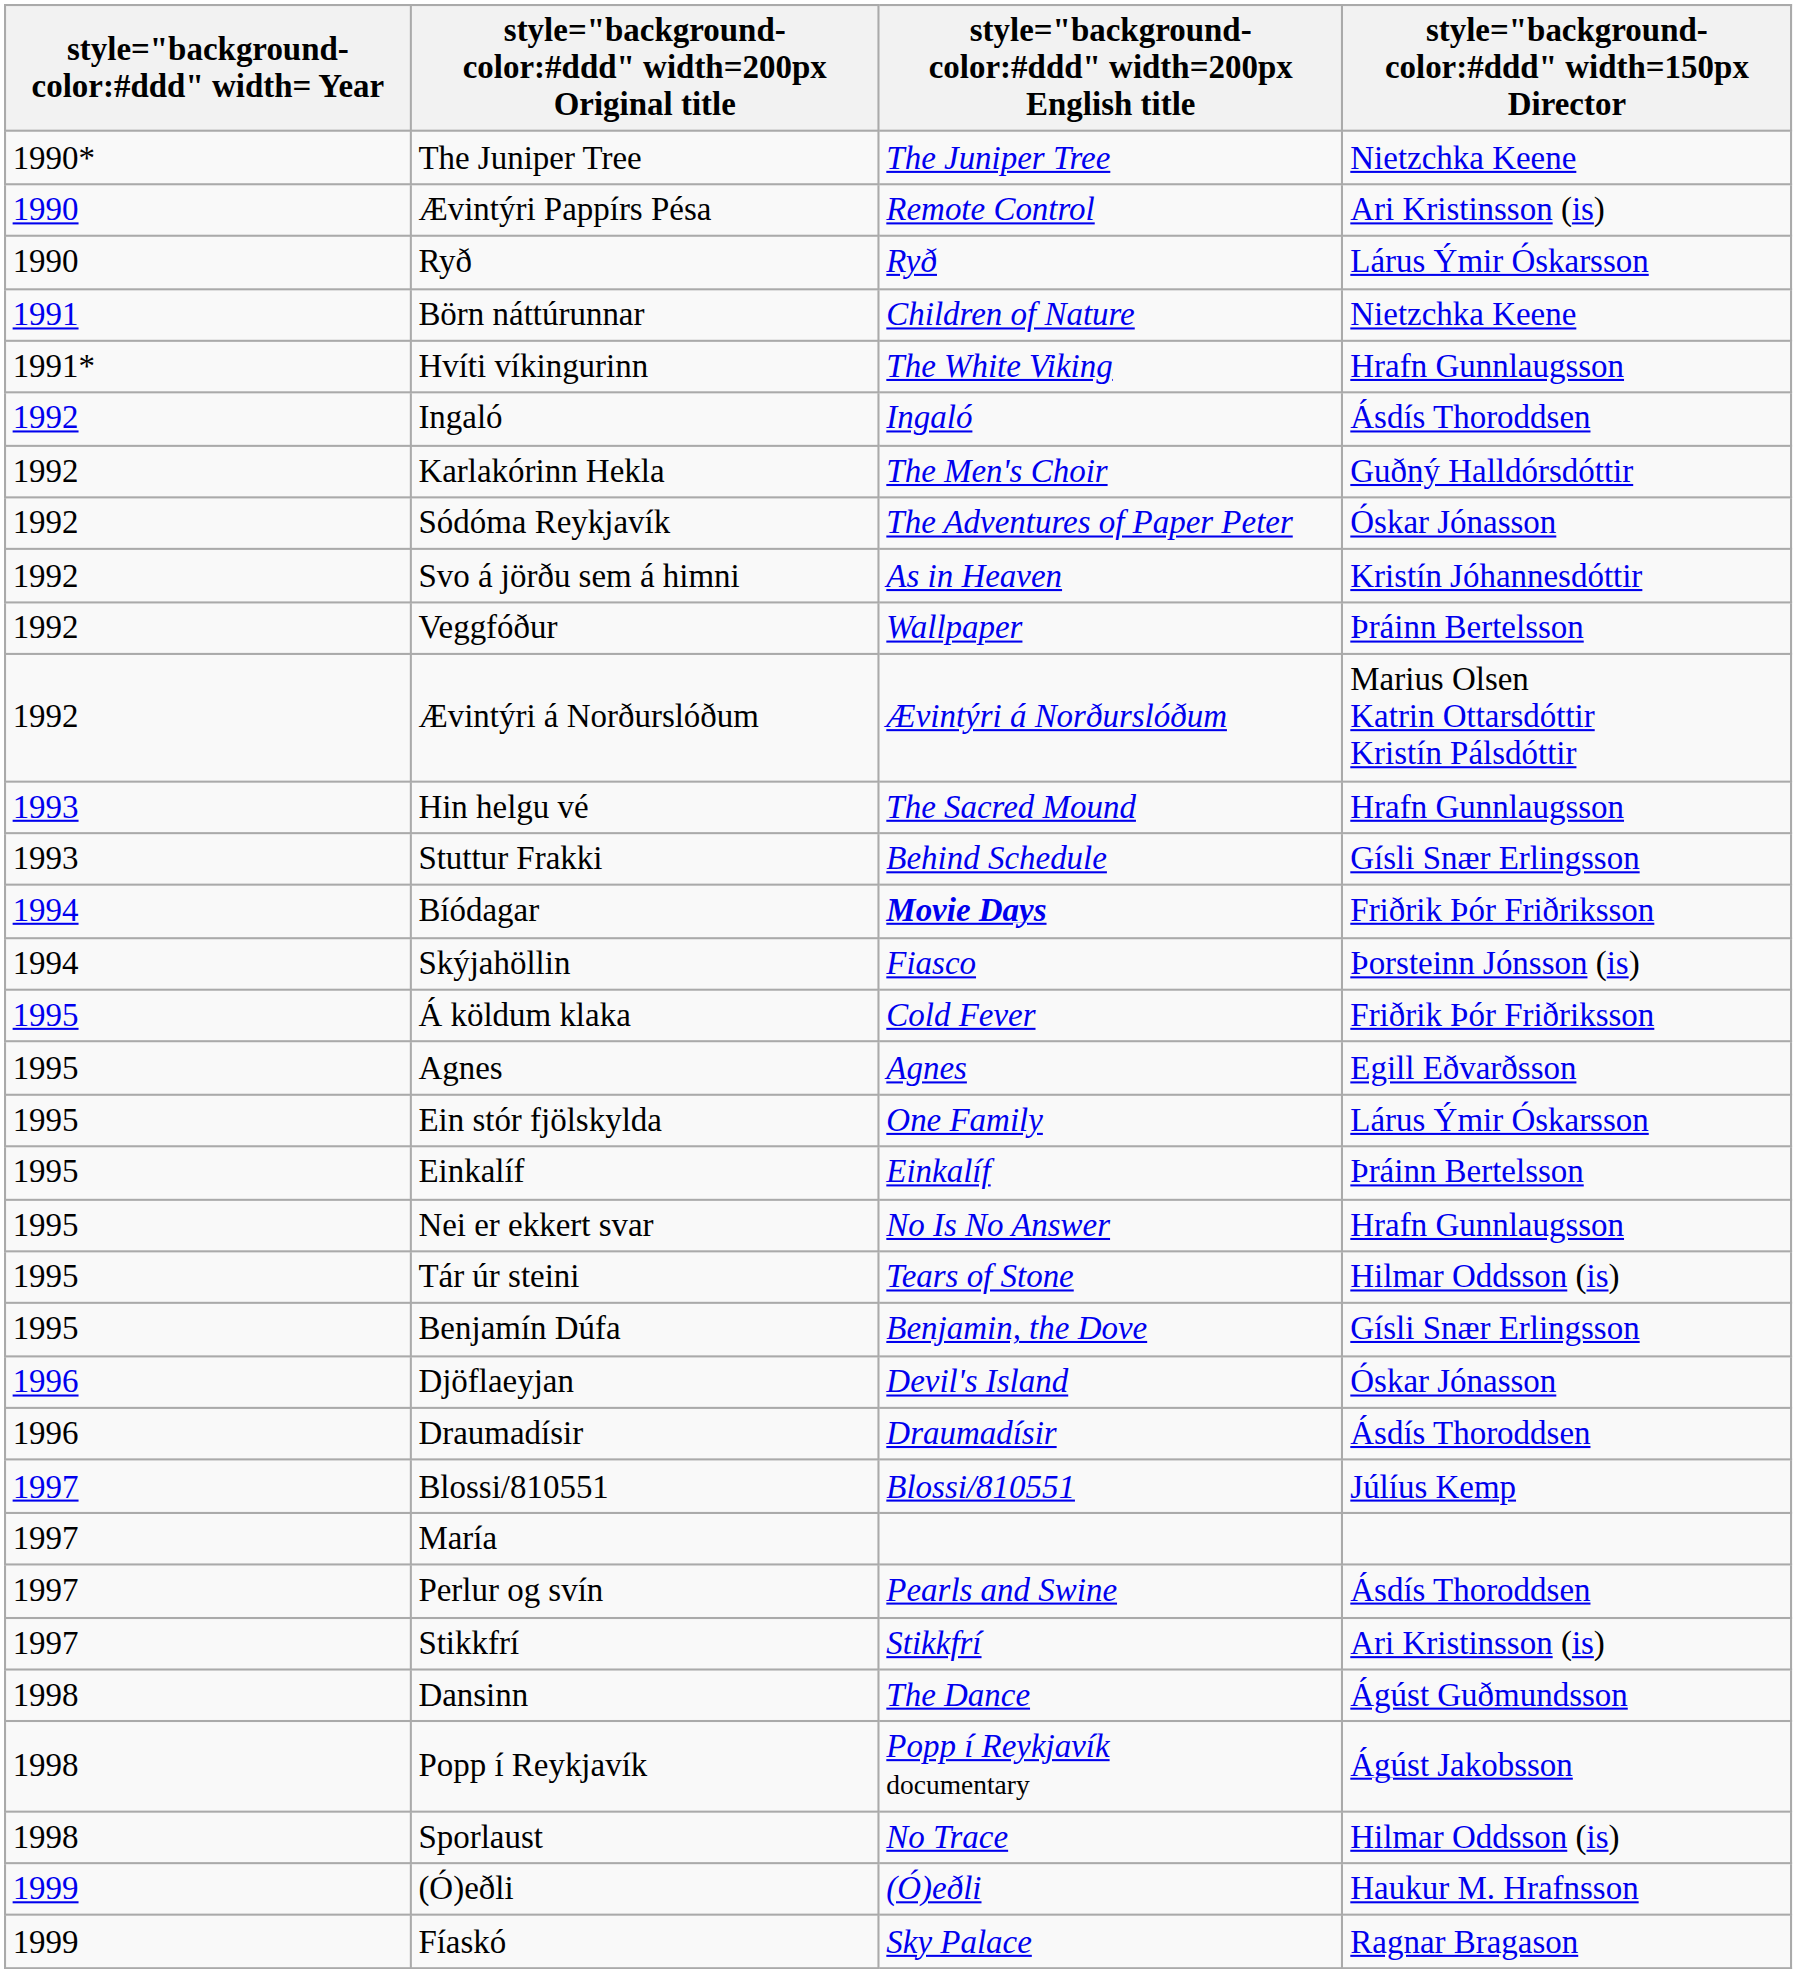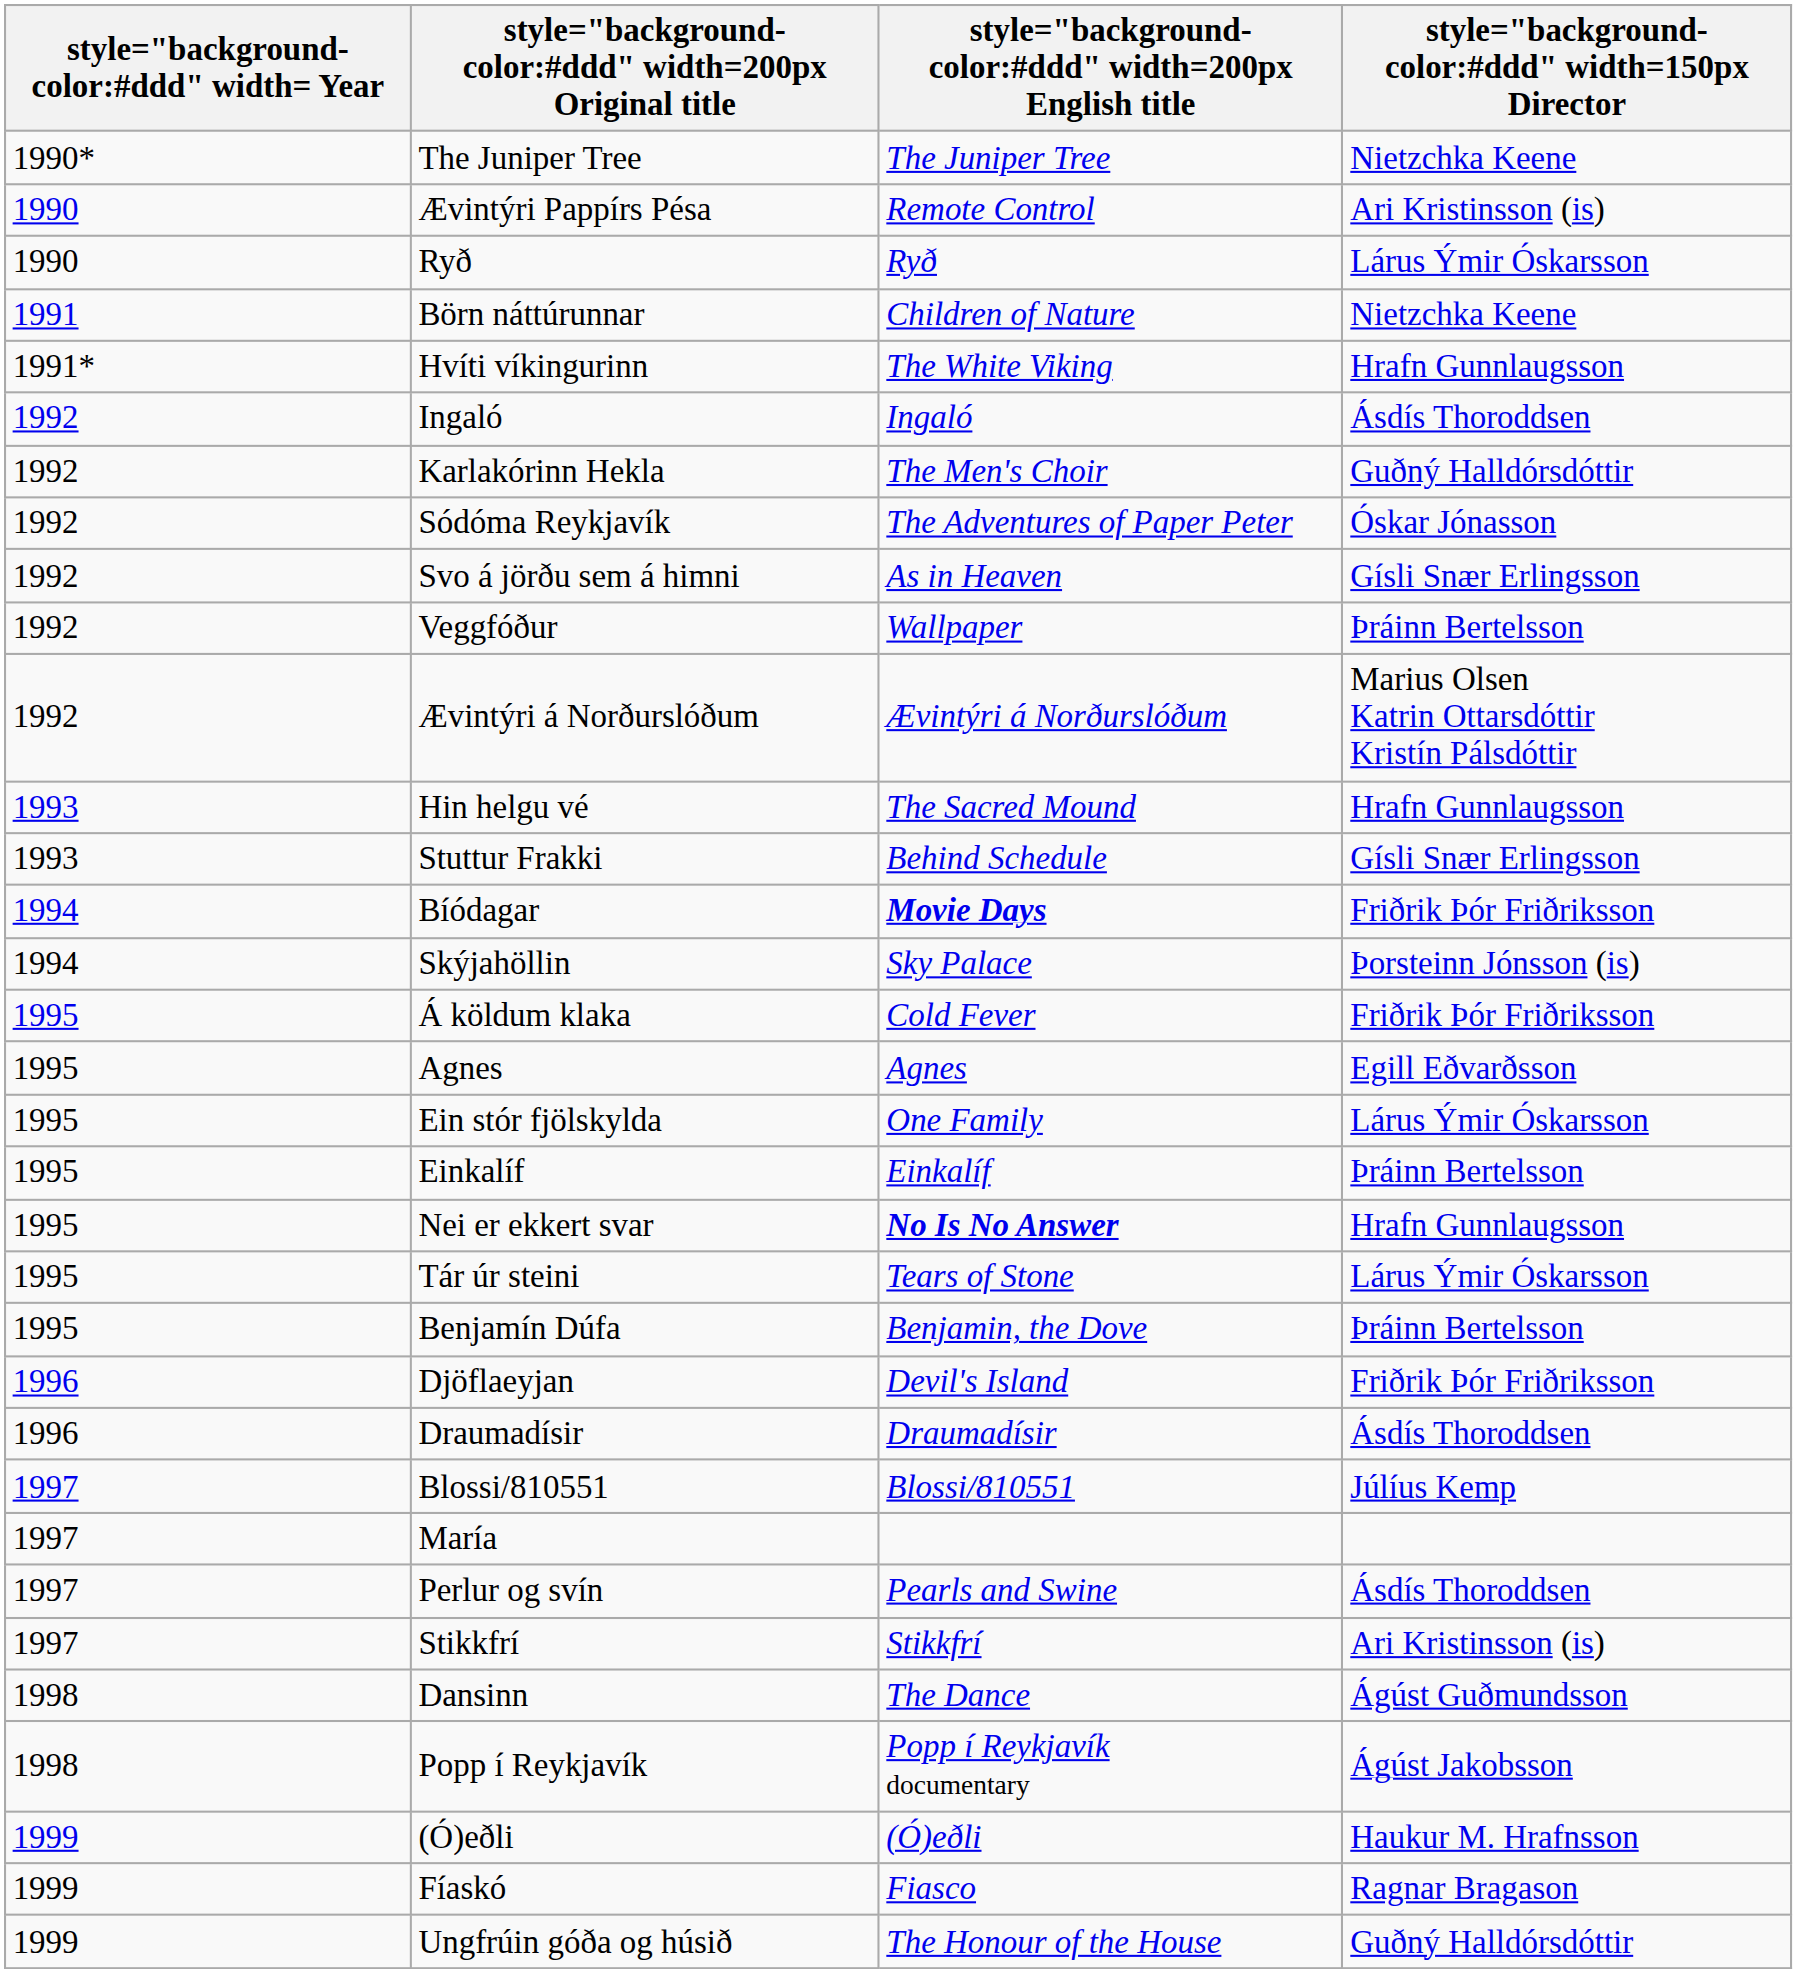 <table class="wikitable sortable">
 <tr>
 <th>style="background-color:#ddd" width=  Year</th>
 <th>style="background-color:#ddd" width=200px  Original title</th>
 <th>style="background-color:#ddd" width=200px  English title</th>
 <th>style="background-color:#ddd" width=150px  Director</th>
 </tr>
 <tr>
 <td>1990*</td>
 <td>The Juniper Tree</td>
 <td><em><a href='#'>The Juniper Tree</a></em></td>
 <td><a href='#'>Nietzchka Keene</a></td>
 </tr>
 <tr>
 <td><a href='#'>1990</a></td>
 <td>Ævintýri Pappírs Pésa</td>
 <td><em><a href='#'>Remote Control</a></em></td>
 <td><a href='#'>Ari Kristinsson</a> (<a href='#'>is</a>)</td>
 </tr>
 <tr>
 <td>1990</td>
 <td>Ryð</td>
 <td><em><a href='#'>Ryð</a></em></td>
 <td><a href='#'>Lárus Ýmir Óskarsson</a></td>
 </tr>
 <tr>
 <td><a href='#'>1991</a></td>
 <td>Börn náttúrunnar</td>
 <td><em><a href='#'>Children of Nature</a></em></td>
 <td><a href='#'>Nietzchka Keene</a></td>
 </tr>
 <tr>
 <td>1991*</td>
 <td>Hvíti víkingurinn</td>
 <td><em><a href='#'>The White Viking</a></em></td>
 <td><a href='#'>Hrafn Gunnlaugsson</a></td>
 </tr>
 <tr>
 <td><a href='#'>1992</a></td>
 <td>Ingaló</td>
 <td><em><a href='#'>Ingaló</a></em></td>
 <td><a href='#'>Ásdís Thoroddsen</a></td>
 </tr>
 <tr>
 <td>1992</td>
 <td>Karlakórinn Hekla</td>
 <td><em><a href='#'>The Men's Choir</a></em></td>
 <td><a href='#'>Guðný Halldórsdóttir</a></td>
 </tr>
 <tr>
 <td>1992</td>
 <td>Sódóma Reykjavík</td>
 <td><em><a href='#'>The Adventures of Paper Peter</a></em></td>
 <td><a href='#'>Óskar Jónasson</a></td>
 </tr>
 <tr>
 <td>1992</td>
 <td>Svo á jörðu sem á himni</td>
 <td><em><a href='#'>As in Heaven</a></em></td>
-<td><a href='#'>Kristín Jóhannesdóttir</a></td>
+<td><a href='#'>Gísli Snær Erlingsson</a></td>
 </tr>
 <tr>
 <td>1992</td>
 <td>Veggfóður</td>
 <td><em><a href='#'>Wallpaper</a></em></td>
 <td><a href='#'>Þráinn Bertelsson</a></td>
 </tr>
 <tr>
 <td>1992</td>
 <td>Ævintýri á Norðurslóðum</td>
 <td><em><a href='#'>Ævintýri á Norðurslóðum</a></em></td>
 <td>Marius Olsen <br><a href='#'>Katrin Ottarsdóttir</a> <br><a href='#'>Kristín Pálsdóttir</a></td>
 </tr>
 <tr>
 <td><a href='#'>1993</a></td>
 <td>Hin helgu vé</td>
 <td><em><a href='#'>The Sacred Mound</a></em></td>
 <td><a href='#'>Hrafn Gunnlaugsson</a></td>
 </tr>
 <tr>
 <td>1993</td>
 <td>Stuttur Frakki</td>
 <td><em><a href='#'>Behind Schedule</a></em></td>
 <td><a href='#'>Gísli Snær Erlingsson</a></td>
 </tr>
 <tr>
 <td><a href='#'>1994</a></td>
 <td>Bíódagar</td>
 <td><strong><em><a href='#'>Movie Days</a></em></strong></td>
 <td><a href='#'>Friðrik Þór Friðriksson</a></td>
 </tr>
 <tr>
 <td>1994</td>
 <td>Skýjahöllin</td>
-<td><em><a href='#'>Fiasco</a></em></td>
+<td><em><a href='#'>Sky Palace</a></em></td>
 <td><a href='#'>Þorsteinn Jónsson</a> (<a href='#'>is</a>)</td>
 </tr>
 <tr>
 <td><a href='#'>1995</a></td>
 <td>Á köldum klaka</td>
 <td><em><a href='#'>Cold Fever</a></em></td>
 <td><a href='#'>Friðrik Þór Friðriksson</a></td>
 </tr>
 <tr>
 <td>1995</td>
 <td>Agnes</td>
 <td><em><a href='#'>Agnes</a></em></td>
 <td><a href='#'>Egill Eðvarðsson</a></td>
 </tr>
 <tr>
 <td>1995</td>
 <td>Ein stór fjölskylda</td>
 <td><em><a href='#'>One Family</a></em></td>
 <td><a href='#'>Lárus Ýmir Óskarsson</a></td>
 </tr>
 <tr>
 <td>1995</td>
 <td>Einkalíf</td>
 <td><em><a href='#'>Einkalíf</a></em></td>
 <td><a href='#'>Þráinn Bertelsson</a></td>
 </tr>
 <tr>
 <td>1995</td>
 <td>Nei er ekkert svar</td>
-<td><em><a href='#'>No Is No Answer</a></em></td>
+<td><strong><em><a href='#'>No Is No Answer</a></em></strong></td>
 <td><a href='#'>Hrafn Gunnlaugsson</a></td>
 </tr>
 <tr>
 <td>1995</td>
 <td>Tár úr steini</td>
 <td><em><a href='#'>Tears of Stone</a></em></td>
-<td><a href='#'>Hilmar Oddsson</a> (<a href='#'>is</a>)</td>
+<td><a href='#'>Lárus Ýmir Óskarsson</a></td>
 </tr>
 <tr>
 <td>1995</td>
 <td>Benjamín Dúfa</td>
 <td><em><a href='#'>Benjamin, the Dove</a></em></td>
-<td><a href='#'>Gísli Snær Erlingsson</a></td>
+<td><a href='#'>Þráinn Bertelsson</a></td>
 </tr>
 <tr>
 <td><a href='#'>1996</a></td>
 <td>Djöflaeyjan</td>
 <td><em><a href='#'>Devil's Island</a></em></td>
-<td><a href='#'>Óskar Jónasson</a></td>
+<td><a href='#'>Friðrik Þór Friðriksson</a></td>
 </tr>
 <tr>
 <td>1996</td>
 <td>Draumadísir</td>
 <td><em><a href='#'>Draumadísir</a></em></td>
 <td><a href='#'>Ásdís Thoroddsen</a></td>
 </tr>
 <tr>
 <td><a href='#'>1997</a></td>
 <td>Blossi/810551</td>
 <td><em><a href='#'>Blossi/810551</a></em></td>
 <td><a href='#'>Júlíus Kemp</a></td>
 </tr>
 <tr>
 <td>1997</td>
 <td>María</td>
 <td><em></em></td>
 <td></td>
 </tr>
 <tr>
 <td>1997</td>
 <td>Perlur og svín</td>
 <td><em><a href='#'>Pearls and Swine</a></em></td>
 <td><a href='#'>Ásdís Thoroddsen</a></td>
 </tr>
 <tr>
 <td>1997</td>
 <td>Stikkfrí</td>
 <td><em><a href='#'>Stikkfrí</a></em></td>
 <td><a href='#'>Ari Kristinsson</a> (<a href='#'>is</a>)</td>
 </tr>
 <tr>
 <td>1998</td>
 <td>Dansinn</td>
 <td><em><a href='#'>The Dance</a></em></td>
 <td><a href='#'>Ágúst Guðmundsson</a></td>
 </tr>
 <tr>
 <td>1998</td>
 <td>Popp í Reykjavík</td>
 <td><em><a href='#'>Popp í Reykjavík</a></em><br><small>documentary</small></td>
 <td><a href='#'>Ágúst Jakobsson</a></td>
 </tr>
 <tr>
-<td>1998</td>
-<td>Sporlaust</td>
-<td><em><a href='#'>No Trace</a></em></td>
-<td><a href='#'>Hilmar Oddsson</a> (<a href='#'>is</a>)</td>
-</tr>
-<tr>
 <td><a href='#'>1999</a></td>
 <td>(Ó)eðli</td>
 <td><em><a href='#'>(Ó)eðli</a></em></td>
 <td><a href='#'>Haukur M. Hrafnsson</a></td>
 </tr>
 <tr>
 <td>1999</td>
 <td>Fíaskó</td>
-<td><em><a href='#'>Sky Palace</a></em></td>
+<td><em><a href='#'>Fiasco</a></em></td>
 <td><a href='#'>Ragnar Bragason</a></td>
 </tr>
+<tr>
+<td>1999</td>
+<td>Ungfrúin góða og húsið</td>
+<td><em><a href='#'>The Honour of the House</a></em></td>
+<td><a href='#'>Guðný Halldórsdóttir</a></td>
+</tr>
 </table>
